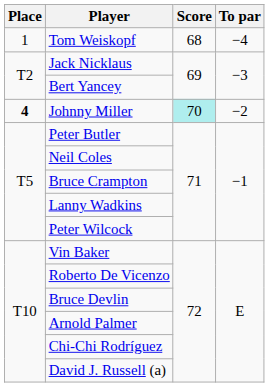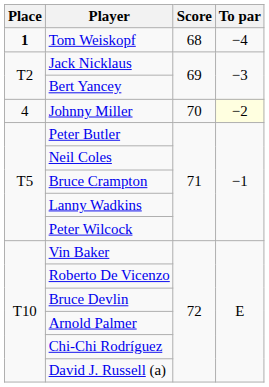 <table class="wikitable">
 <tr>
 <th>Place</th>
 <th>Player</th>
 <th>Score</th>
 <th>To par</th>
 </tr>
 <tr>
-<td align=center>1</td>
+<td align=center><strong>1</strong></td>
 <td> <a href='#'>Tom Weiskopf</a></td>
 <td align=center>68</td>
 <td align=center>−4</td>
 </tr>
 <tr>
 <td rowspan="2" align=center>T2</td>
 <td> <a href='#'>Jack Nicklaus</a></td>
 <td rowspan="2" align=center>69</td>
 <td rowspan="2" align=center>−3</td>
 </tr>
 <tr>
 <td> <a href='#'>Bert Yancey</a></td>
 </tr>
 <tr>
-<td align=center><strong>4</strong></td>
+<td align=center>4</td>
 <td> <a href='#'>Johnny Miller</a></td>
-<td align=center style="background: paleturquoise;">70</td>
-<td align=center>−2</td>
+<td align=center>70</td>
+<td align=center style="background: lightyellow;">−2</td>
 </tr>
 <tr>
 <td rowspan="5" align=center>T5</td>
 <td> <a href='#'>Peter Butler</a></td>
 <td rowspan="5" align=center>71</td>
 <td rowspan="5" align=center>−1</td>
 </tr>
 <tr>
 <td> <a href='#'>Neil Coles</a></td>
 </tr>
 <tr>
 <td> <a href='#'>Bruce Crampton</a></td>
 </tr>
 <tr>
 <td> <a href='#'>Lanny Wadkins</a></td>
 </tr>
 <tr>
 <td> <a href='#'>Peter Wilcock</a></td>
 </tr>
 <tr>
 <td rowspan="6" align=center>T10</td>
 <td> <a href='#'>Vin Baker</a></td>
 <td rowspan="6" align=center>72</td>
 <td rowspan="6" align=center>E</td>
 </tr>
 <tr>
 <td> <a href='#'>Roberto De Vicenzo</a></td>
 </tr>
 <tr>
 <td> <a href='#'>Bruce Devlin</a></td>
 </tr>
 <tr>
 <td> <a href='#'>Arnold Palmer</a></td>
 </tr>
 <tr>
 <td> <a href='#'>Chi-Chi Rodríguez</a></td>
 </tr>
 <tr>
 <td> <a href='#'>David J. Russell</a> (a)</td>
 </tr>
 </table>
